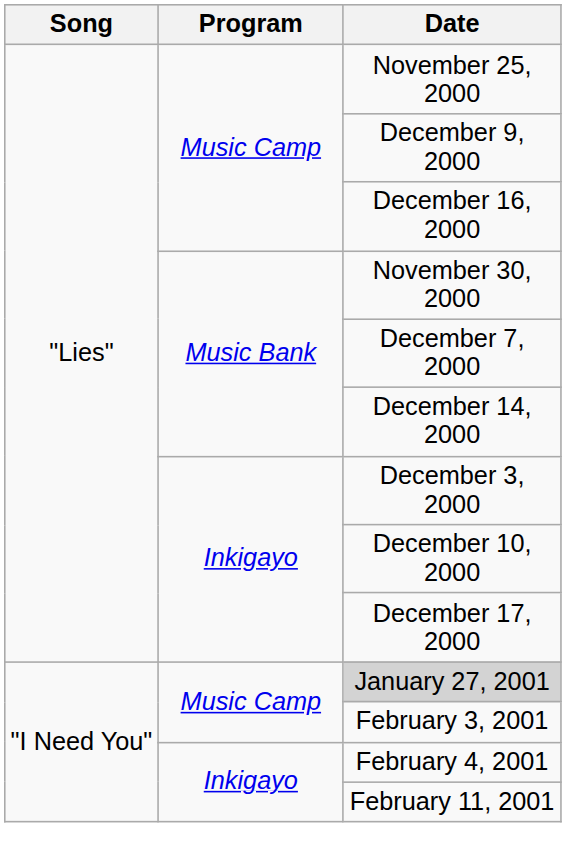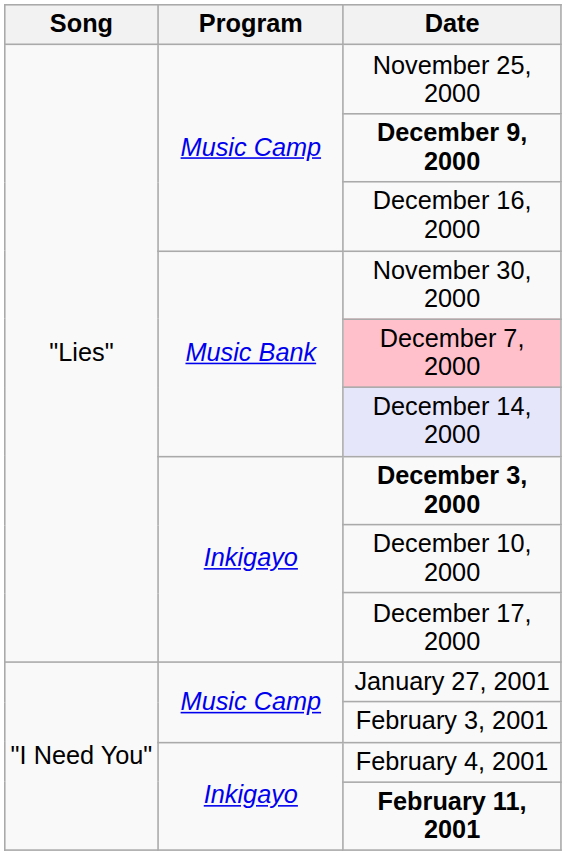 <table class="wikitable plainrowheaders sortable" style="text-align:center">
 <tr>
 <th>Song</th>
 <th width="110">Program</th>
 <th width="130">Date</th>
 </tr>
 <tr>
 <td scope="row" rowspan="9">"Lies"</td>
 <td rowspan="3"><em><a href='#'>Music Camp</a></em></td>
 <td>November 25, 2000</td>
 </tr>
 <tr>
-<td>December 9, 2000</td>
+<td><strong>December 9, 2000</strong></td>
 </tr>
 <tr>
 <td>December 16, 2000</td>
 </tr>
 <tr>
 <td rowspan="3"><em><a href='#'>Music Bank</a></em></td>
 <td>November 30, 2000</td>
 </tr>
 <tr>
-<td>December 7, 2000</td>
+<td style="background: pink;">December 7, 2000</td>
 </tr>
 <tr>
-<td>December 14, 2000</td>
+<td style="background: lavender;">December 14, 2000</td>
 </tr>
 <tr>
 <td rowspan="3"><em><a href='#'>Inkigayo</a></em></td>
-<td>December 3, 2000</td>
+<td><strong>December 3, 2000</strong></td>
 </tr>
 <tr>
 <td>December 10, 2000</td>
 </tr>
 <tr>
 <td>December 17, 2000</td>
 </tr>
 <tr>
 <td scope="row" rowspan="4">"I Need You"</td>
 <td rowspan="2"><em><a href='#'>Music Camp</a></em></td>
-<td style="background: lightgrey;">January 27, 2001</td>
+<td>January 27, 2001</td>
 </tr>
 <tr>
 <td>February 3, 2001</td>
 </tr>
 <tr>
 <td rowspan="2"><em><a href='#'>Inkigayo</a></em></td>
 <td>February 4, 2001</td>
 </tr>
 <tr>
-<td>February 11, 2001</td>
+<td><strong>February 11, 2001</strong></td>
 </tr>
 </table>
